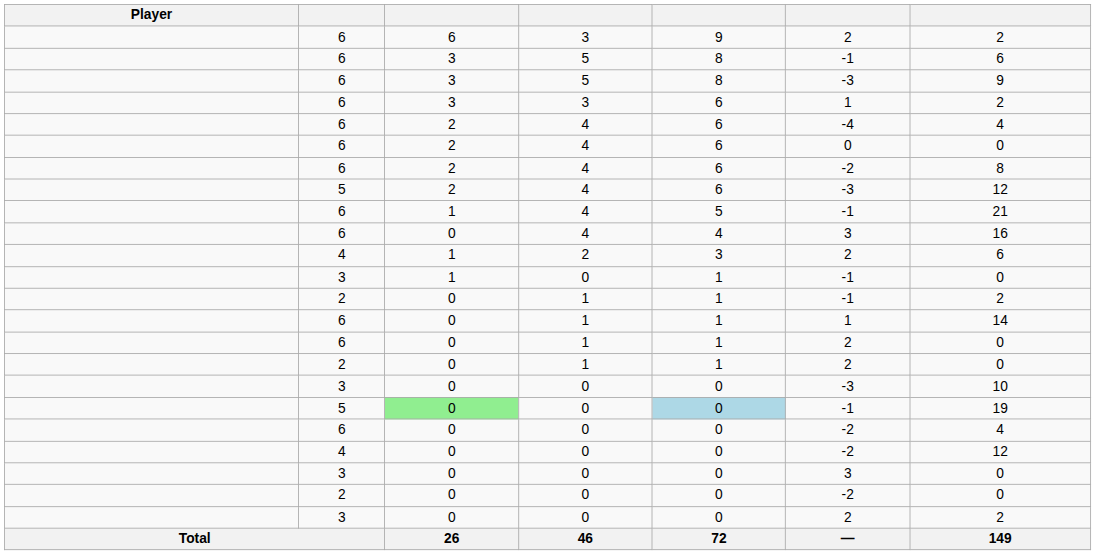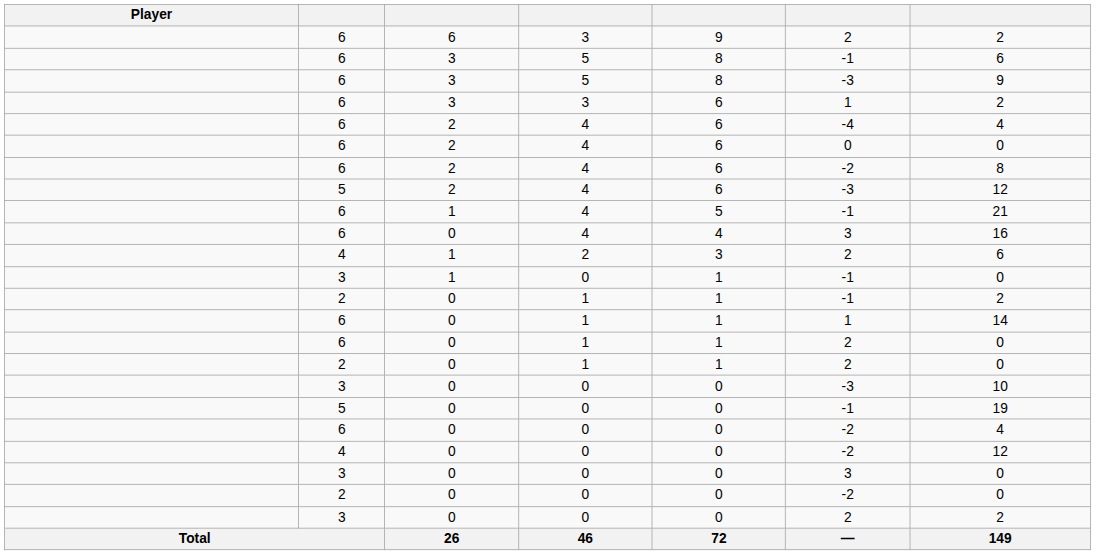 <table class="wikitable sortable" style="width:100%; text-align:center;">
 <tr>
 <th>Player</th>
 <th></th>
 <th></th>
 <th></th>
 <th></th>
 <th data-sort-type="number"></th>
 <th></th>
 </tr>
 <tr>
 <td></td>
 <td>6</td>
 <td>6</td>
 <td>3</td>
 <td>9</td>
 <td>2</td>
 <td>2</td>
 </tr>
 <tr>
 <td></td>
 <td>6</td>
 <td>3</td>
 <td>5</td>
 <td>8</td>
 <td>-1</td>
 <td>6</td>
 </tr>
 <tr>
 <td></td>
 <td>6</td>
 <td>3</td>
 <td>5</td>
 <td>8</td>
 <td>-3</td>
 <td>9</td>
 </tr>
 <tr>
 <td></td>
 <td>6</td>
 <td>3</td>
 <td>3</td>
 <td>6</td>
 <td>1</td>
 <td>2</td>
 </tr>
 <tr>
 <td></td>
 <td>6</td>
 <td>2</td>
 <td>4</td>
 <td>6</td>
 <td>-4</td>
 <td>4</td>
 </tr>
 <tr>
 <td></td>
 <td>6</td>
 <td>2</td>
 <td>4</td>
 <td>6</td>
 <td>0</td>
 <td>0</td>
 </tr>
 <tr>
 <td></td>
 <td>6</td>
 <td>2</td>
 <td>4</td>
 <td>6</td>
 <td>-2</td>
 <td>8</td>
 </tr>
 <tr>
 <td></td>
 <td>5</td>
 <td>2</td>
 <td>4</td>
 <td>6</td>
 <td>-3</td>
 <td>12</td>
 </tr>
 <tr>
 <td></td>
 <td>6</td>
 <td>1</td>
 <td>4</td>
 <td>5</td>
 <td>-1</td>
 <td>21</td>
 </tr>
 <tr>
 <td></td>
 <td>6</td>
 <td>0</td>
 <td>4</td>
 <td>4</td>
 <td>3</td>
 <td>16</td>
 </tr>
 <tr>
 <td></td>
 <td>4</td>
 <td>1</td>
 <td>2</td>
 <td>3</td>
 <td>2</td>
 <td>6</td>
 </tr>
 <tr>
 <td></td>
 <td>3</td>
 <td>1</td>
 <td>0</td>
 <td>1</td>
 <td>-1</td>
 <td>0</td>
 </tr>
 <tr>
 <td></td>
 <td>2</td>
 <td>0</td>
 <td>1</td>
 <td>1</td>
 <td>-1</td>
 <td>2</td>
 </tr>
 <tr>
 <td></td>
 <td>6</td>
 <td>0</td>
 <td>1</td>
 <td>1</td>
 <td>1</td>
 <td>14</td>
 </tr>
 <tr>
 <td></td>
 <td>6</td>
 <td>0</td>
 <td>1</td>
 <td>1</td>
 <td>2</td>
 <td>0</td>
 </tr>
 <tr>
 <td></td>
 <td>2</td>
 <td>0</td>
 <td>1</td>
 <td>1</td>
 <td>2</td>
 <td>0</td>
 </tr>
 <tr>
 <td></td>
 <td>3</td>
 <td>0</td>
 <td>0</td>
 <td>0</td>
 <td>-3</td>
 <td>10</td>
 </tr>
 <tr>
 <td></td>
 <td>5</td>
-<td style="background: lightgreen;">0</td>
 <td>0</td>
-<td style="background: lightblue;">0</td>
+<td>0</td>
+<td>0</td>
 <td>-1</td>
 <td>19</td>
 </tr>
 <tr>
 <td></td>
 <td>6</td>
 <td>0</td>
 <td>0</td>
 <td>0</td>
 <td>-2</td>
 <td>4</td>
 </tr>
 <tr>
 <td></td>
 <td>4</td>
 <td>0</td>
 <td>0</td>
 <td>0</td>
 <td>-2</td>
 <td>12</td>
 </tr>
 <tr>
 <td></td>
 <td>3</td>
 <td>0</td>
 <td>0</td>
 <td>0</td>
 <td>3</td>
 <td>0</td>
 </tr>
 <tr>
 <td></td>
 <td>2</td>
 <td>0</td>
 <td>0</td>
 <td>0</td>
 <td>-2</td>
 <td>0</td>
 </tr>
 <tr>
 <td></td>
 <td>3</td>
 <td>0</td>
 <td>0</td>
 <td>0</td>
 <td>2</td>
 <td>2</td>
 </tr>
 <tr class="sortbottom">
 <th colspan=2>Total</th>
 <th>26</th>
 <th>46</th>
 <th>72</th>
 <th>—</th>
 <th>149</th>
 </tr>
 </table>
